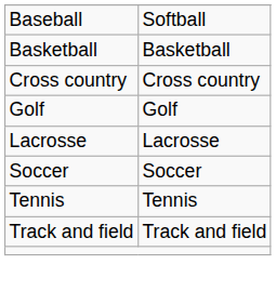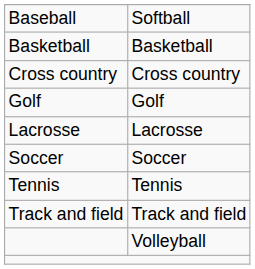 <table class="wikitable">
 <tr>
 </tr>
 <tr>
 <td>Baseball</td>
 <td>Softball</td>
 </tr>
 <tr>
 <td>Basketball</td>
 <td>Basketball</td>
 </tr>
 <tr>
 <td>Cross country</td>
 <td>Cross country</td>
 </tr>
 <tr>
 <td>Golf</td>
 <td>Golf</td>
 </tr>
 <tr>
 <td>Lacrosse</td>
 <td>Lacrosse</td>
 </tr>
 <tr>
 <td>Soccer</td>
 <td>Soccer</td>
 </tr>
 <tr>
 <td>Tennis</td>
 <td>Tennis</td>
 </tr>
 <tr>
 <td>Track and field</td>
 <td>Track and field</td>
 </tr>
 <tr>
+<td></td>
+<td>Volleyball</td>
+</tr>
+<tr>
 <td colspan=2></td>
 </tr>
 </table>
